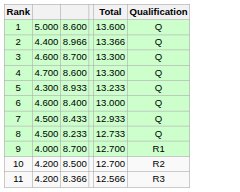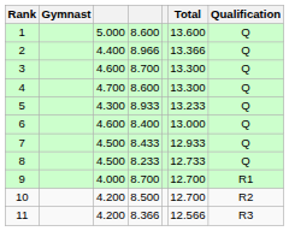 <table class="wikitable sortable" style="text-align:center">
 <tr>
 <th>Rank</th>
+<th>Gymnast</th>
 <th><small></small></th>
 <th><small></small></th>
 <th><small></small></th>
 <th>Total</th>
 <th>Qualification</th>
 </tr>
 <tr bgcolor=ccffcc>
 <td>1</td>
+<td align=left></td>
 <td>5.000</td>
 <td>8.600</td>
 <td></td>
 <td>13.600</td>
 <td>Q</td>
 </tr>
 <tr bgcolor=ccffcc>
 <td>2</td>
+<td align=left></td>
 <td>4.400</td>
 <td>8.966</td>
 <td></td>
 <td>13.366</td>
 <td>Q</td>
 </tr>
 <tr bgcolor=ccffcc>
 <td>3</td>
+<td align=left></td>
 <td>4.600</td>
 <td>8.700</td>
 <td></td>
 <td>13.300</td>
 <td>Q</td>
 </tr>
 <tr bgcolor=ccffcc>
 <td>4</td>
+<td align=left></td>
 <td>4.700</td>
 <td>8.600</td>
 <td></td>
 <td>13.300</td>
 <td>Q</td>
 </tr>
 <tr bgcolor=ccffcc>
 <td>5</td>
+<td align=left></td>
 <td>4.300</td>
 <td>8.933</td>
 <td></td>
 <td>13.233</td>
 <td>Q</td>
 </tr>
 <tr bgcolor=ccffcc>
 <td>6</td>
+<td align=left></td>
 <td>4.600</td>
 <td>8.400</td>
 <td></td>
 <td>13.000</td>
 <td>Q</td>
 </tr>
 <tr bgcolor=ccffcc>
 <td>7</td>
+<td align=left></td>
 <td>4.500</td>
 <td>8.433</td>
 <td></td>
 <td>12.933</td>
 <td>Q</td>
 </tr>
 <tr bgcolor=ccffcc>
 <td>8</td>
+<td align=left></td>
 <td>4.500</td>
 <td>8.233</td>
 <td></td>
 <td>12.733</td>
 <td>Q</td>
 </tr>
 <tr bgcolor=ccffcc>
 <td>9</td>
+<td align=left></td>
 <td>4.000</td>
 <td>8.700</td>
 <td></td>
 <td>12.700</td>
 <td>R1</td>
 </tr>
 <tr>
 <td>10</td>
+<td align=left></td>
 <td>4.200</td>
 <td>8.500</td>
 <td></td>
 <td>12.700</td>
 <td>R2</td>
 </tr>
 <tr>
 <td>11</td>
+<td align=left></td>
 <td>4.200</td>
 <td>8.366</td>
 <td></td>
 <td>12.566</td>
 <td>R3</td>
 </tr>
 </table>
